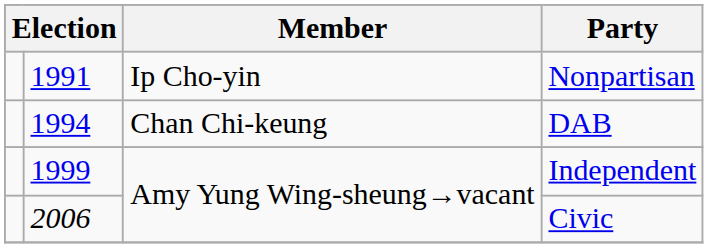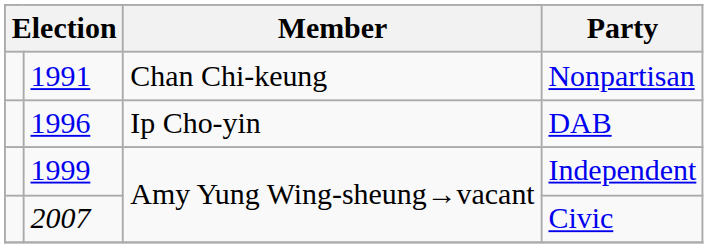 <table class="wikitable">
 <tr>
 <th colspan="2">Election</th>
 <th>Member</th>
 <th>Party</th>
 </tr>
 <tr>
 <td style="color:inherit;background:"></td>
 <td><a href='#'>1991</a></td>
-<td>Ip Cho-yin</td>
+<td>Chan Chi-keung</td>
 <td><a href='#'>Nonpartisan</a></td>
 </tr>
 <tr>
 <td style="color:inherit;background:"></td>
-<td><a href='#'>1994</a></td>
-<td>Chan Chi-keung</td>
+<td><a href='#'>1996</a></td>
+<td>Ip Cho-yin</td>
 <td><a href='#'>DAB</a></td>
 </tr>
 <tr>
 <td style="color:inherit;background:"></td>
 <td><a href='#'>1999</a></td>
 <td rowspan=2>Amy Yung Wing-sheung→vacant</td>
 <td><a href='#'>Independent</a></td>
 </tr>
 <tr>
 <td style="color:inherit;background:"></td>
-<td><em>2006</em></td>
+<td><em>2007</em></td>
 <td><a href='#'>Civic</a></td>
 </tr>
 <tr>
 </tr>
 </table>
